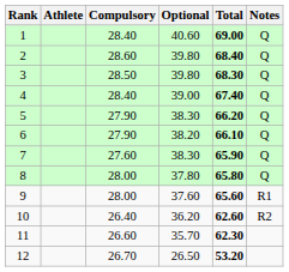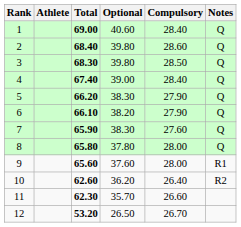 <table class="wikitable sortable" style="text-align:center;">
 <tr>
 <th>Rank</th>
 <th>Athlete</th>
+<th>Total</th>
+<th>Optional</th>
 <th>Compulsory</th>
-<th>Optional</th>
-<th>Total</th>
 <th>Notes</th>
 </tr>
 <tr bgcolor=ccffcc>
 <td>1</td>
 <td align=left></td>
+<td><strong>69.00</strong></td>
+<td>40.60</td>
 <td>28.40</td>
-<td>40.60</td>
-<td><strong>69.00</strong></td>
 <td>Q</td>
 </tr>
 <tr bgcolor=ccffcc>
 <td>2</td>
 <td align=left></td>
+<td><strong>68.40</strong></td>
+<td>39.80</td>
 <td>28.60</td>
-<td>39.80</td>
-<td><strong>68.40</strong></td>
 <td>Q</td>
 </tr>
 <tr bgcolor=ccffcc>
 <td>3</td>
 <td align=left></td>
+<td><strong>68.30</strong></td>
+<td>39.80</td>
 <td>28.50</td>
-<td>39.80</td>
-<td><strong>68.30</strong></td>
 <td>Q</td>
 </tr>
 <tr bgcolor=ccffcc>
 <td>4</td>
 <td align=left></td>
+<td><strong>67.40</strong></td>
+<td>39.00</td>
 <td>28.40</td>
-<td>39.00</td>
-<td><strong>67.40</strong></td>
 <td>Q</td>
 </tr>
 <tr bgcolor=ccffcc>
 <td>5</td>
 <td align=left></td>
+<td><strong>66.20</strong></td>
+<td>38.30</td>
 <td>27.90</td>
-<td>38.30</td>
-<td><strong>66.20</strong></td>
 <td>Q</td>
 </tr>
 <tr bgcolor=ccffcc>
 <td>6</td>
 <td align=left></td>
+<td><strong>66.10</strong></td>
+<td>38.20</td>
 <td>27.90</td>
-<td>38.20</td>
-<td><strong>66.10</strong></td>
 <td>Q</td>
 </tr>
 <tr bgcolor=ccffcc>
 <td>7</td>
 <td align=left></td>
+<td><strong>65.90</strong></td>
+<td>38.30</td>
 <td>27.60</td>
-<td>38.30</td>
-<td><strong>65.90</strong></td>
 <td>Q</td>
 </tr>
 <tr bgcolor=ccffcc>
 <td>8</td>
 <td align=left></td>
+<td><strong>65.80</strong></td>
+<td>37.80</td>
 <td>28.00</td>
-<td>37.80</td>
-<td><strong>65.80</strong></td>
 <td>Q</td>
 </tr>
 <tr>
 <td>9</td>
 <td align=left></td>
+<td><strong>65.60</strong></td>
+<td>37.60</td>
 <td>28.00</td>
-<td>37.60</td>
-<td><strong>65.60</strong></td>
 <td>R1</td>
 </tr>
 <tr>
 <td>10</td>
 <td align=left></td>
+<td><strong>62.60</strong></td>
+<td>36.20</td>
 <td>26.40</td>
-<td>36.20</td>
-<td><strong>62.60</strong></td>
 <td>R2</td>
 </tr>
 <tr>
 <td>11</td>
 <td align=left></td>
+<td><strong>62.30</strong></td>
+<td>35.70</td>
 <td>26.60</td>
-<td>35.70</td>
-<td><strong>62.30</strong></td>
 <td></td>
 </tr>
 <tr>
 <td>12</td>
 <td align=left></td>
+<td><strong>53.20</strong></td>
+<td>26.50</td>
 <td>26.70</td>
-<td>26.50</td>
-<td><strong>53.20</strong></td>
 <td></td>
 </tr>
 </table>
